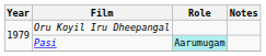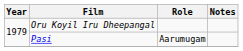 <table class="wikitable sortable">
 <tr style="text-align:center;">
 <th>Year</th>
 <th>Film</th>
 <th>Role</th>
 <th>Notes</th>
 </tr>
 <tr>
 <td rowspan=2>1979</td>
 <td><em>Oru Koyil Iru Dheepangal</em></td>
 <td></td>
 <td></td>
 </tr>
 <tr>
 <td><em><a href='#'>Pasi</a></em></td>
-<td style="background: paleturquoise;">Aarumugam</td>
+<td>Aarumugam</td>
 <td></td>
 </tr>
 <tr>
 </tr>
 </table>
